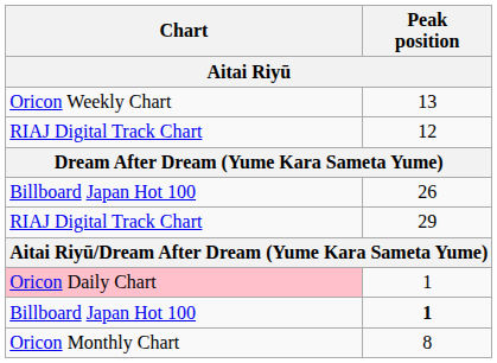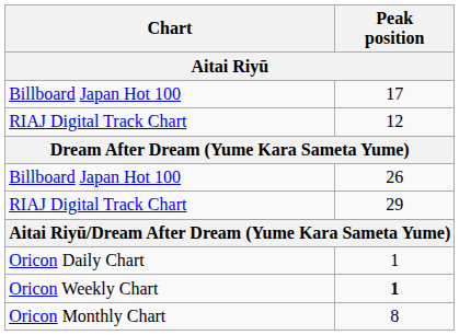 <table class="wikitable">
 <tr>
 <th>Chart</th>
 <th>Peak<br>position</th>
 </tr>
 <tr>
 <th colspan="2">Aitai Riyū</th>
 </tr>
 <tr>
-<td><a href='#'>Oricon</a> Weekly Chart</td>
-<td align="center">13</td>
+<td><a href='#'>Billboard</a> <a href='#'>Japan Hot 100</a></td>
+<td align="center">17</td>
 </tr>
 <tr>
 <td><a href='#'>RIAJ Digital Track Chart</a></td>
 <td align="center">12</td>
 </tr>
 <tr>
 <th colspan="2">Dream After Dream (Yume Kara Sameta Yume)</th>
 </tr>
 <tr>
 <td><a href='#'>Billboard</a> <a href='#'>Japan Hot 100</a></td>
 <td align="center">26</td>
 </tr>
 <tr>
 <td><a href='#'>RIAJ Digital Track Chart</a></td>
 <td align="center">29</td>
 </tr>
 <tr>
 <th colspan="2">Aitai Riyū/Dream After Dream (Yume Kara Sameta Yume)</th>
 </tr>
 <tr>
-<td style="background: pink;"><a href='#'>Oricon</a> Daily Chart</td>
+<td><a href='#'>Oricon</a> Daily Chart</td>
 <td align="center">1</td>
 </tr>
 <tr>
-<td><a href='#'>Billboard</a> <a href='#'>Japan Hot 100</a></td>
+<td><a href='#'>Oricon</a> Weekly Chart</td>
 <td align="center"><strong>1</strong></td>
 </tr>
 <tr>
 <td><a href='#'>Oricon</a> Monthly Chart</td>
 <td align="center">8</td>
 </tr>
 </table>
